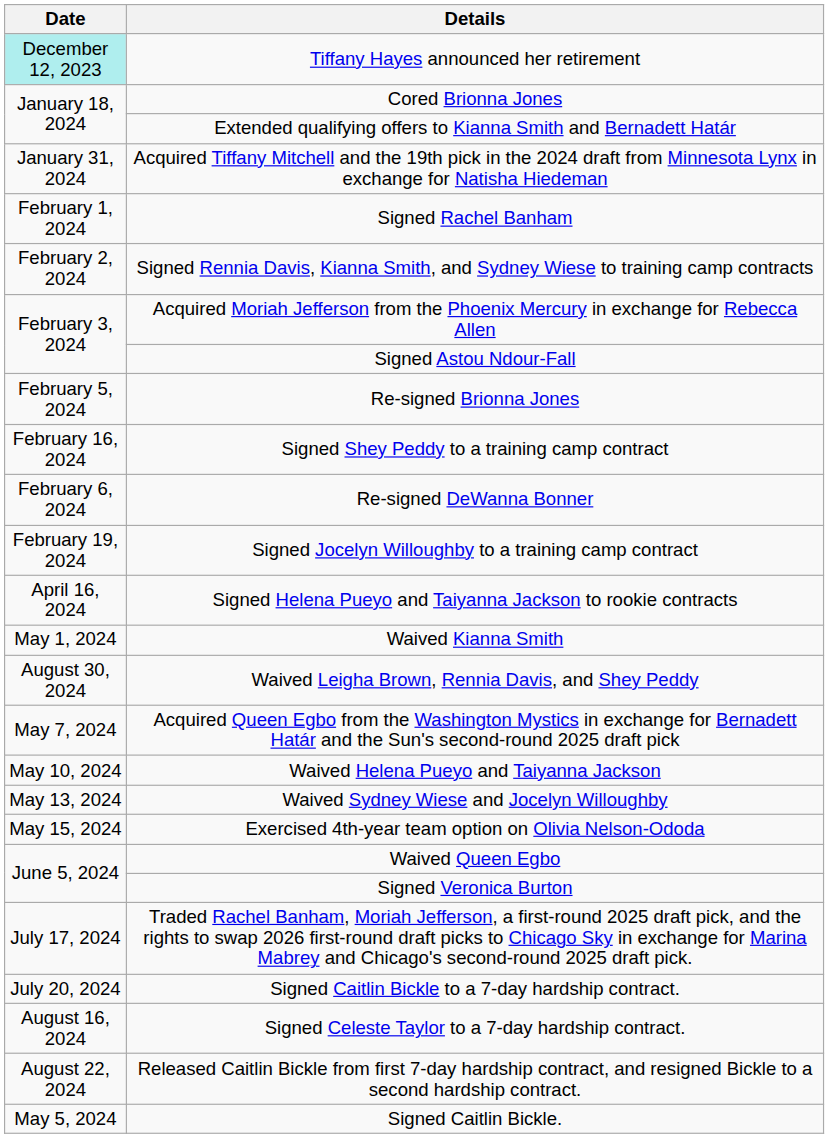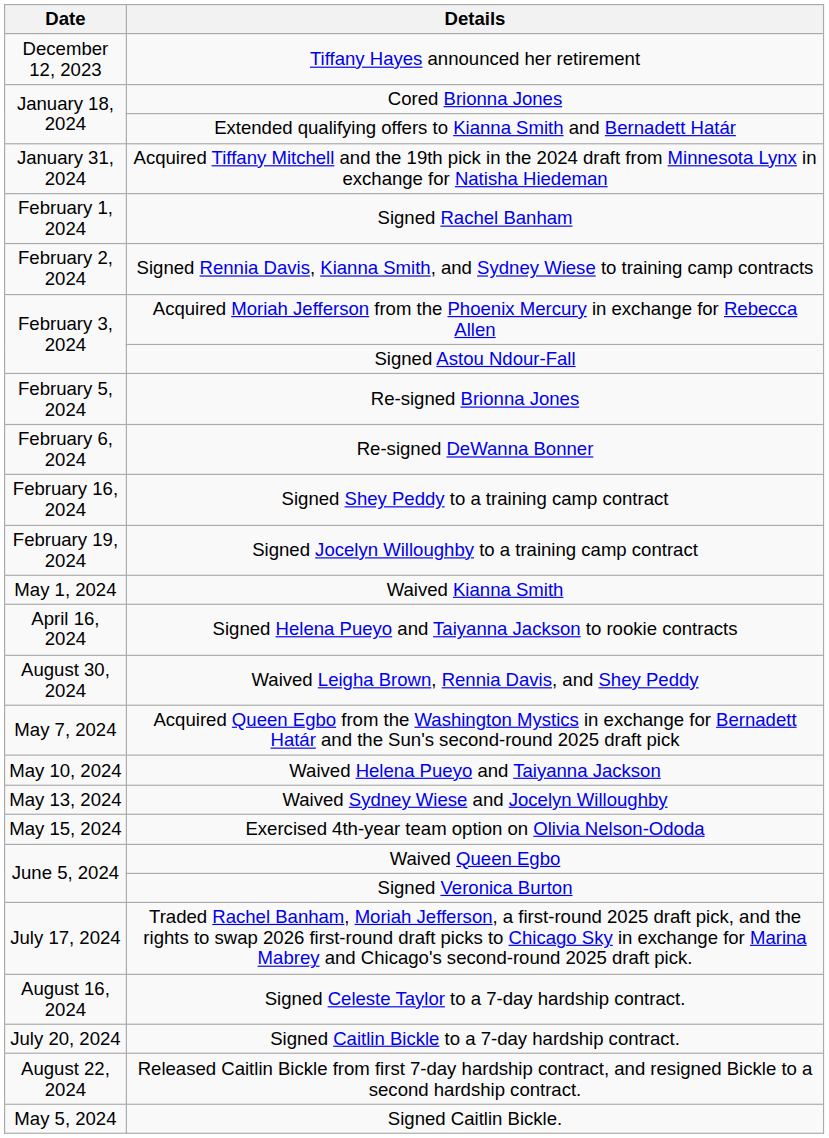 <table class="wikitable" style="width:80%; text-align:center;">
 <tr>
 <th>Date</th>
 <th>Details</th>
 </tr>
 <tr>
-<td style="background: paleturquoise;">December 12, 2023</td>
+<td>December 12, 2023</td>
 <td><a href='#'>Tiffany Hayes</a> announced her retirement</td>
 </tr>
 <tr>
 <td rowspan=2>January 18, 2024</td>
 <td>Cored <a href='#'>Brionna Jones</a></td>
 </tr>
 <tr>
 <td>Extended qualifying offers to <a href='#'>Kianna Smith</a> and <a href='#'>Bernadett Határ</a></td>
 </tr>
 <tr>
 <td>January 31, 2024</td>
 <td>Acquired <a href='#'>Tiffany Mitchell</a> and the 19th pick in the 2024 draft from <a href='#'>Minnesota Lynx</a> in exchange for <a href='#'>Natisha Hiedeman</a></td>
 </tr>
 <tr>
 <td>February 1, 2024</td>
 <td>Signed <a href='#'>Rachel Banham</a></td>
 </tr>
 <tr>
 <td>February 2, 2024</td>
 <td>Signed <a href='#'>Rennia Davis</a>, <a href='#'>Kianna Smith</a>, and <a href='#'>Sydney Wiese</a> to training camp contracts</td>
 </tr>
 <tr>
 <td rowspan=2>February 3, 2024</td>
 <td>Acquired <a href='#'>Moriah Jefferson</a> from the <a href='#'>Phoenix Mercury</a> in exchange for <a href='#'>Rebecca Allen</a></td>
 </tr>
 <tr>
 <td>Signed <a href='#'>Astou Ndour-Fall</a></td>
 </tr>
 <tr>
 <td>February 5, 2024</td>
 <td>Re-signed <a href='#'>Brionna Jones</a></td>
 </tr>
 <tr>
+<td>February 6, 2024</td>
+<td>Re-signed <a href='#'>DeWanna Bonner</a></td>
+</tr>
+<tr>
 <td>February 16, 2024</td>
 <td>Signed <a href='#'>Shey Peddy</a> to a training camp contract</td>
-</tr>
-<tr>
-<td>February 6, 2024</td>
-<td>Re-signed <a href='#'>DeWanna Bonner</a></td>
 </tr>
 <tr>
 <td>February 19, 2024</td>
 <td>Signed <a href='#'>Jocelyn Willoughby</a> to a training camp contract</td>
 </tr>
 <tr>
+<td>May 1, 2024</td>
+<td>Waived <a href='#'>Kianna Smith</a></td>
+</tr>
+<tr>
 <td>April 16, 2024</td>
 <td>Signed <a href='#'>Helena Pueyo</a> and <a href='#'>Taiyanna Jackson</a> to rookie contracts</td>
-</tr>
-<tr>
-<td>May 1, 2024</td>
-<td>Waived <a href='#'>Kianna Smith</a></td>
 </tr>
 <tr>
 <td>August 30, 2024</td>
 <td>Waived <a href='#'>Leigha Brown</a>, <a href='#'>Rennia Davis</a>, and <a href='#'>Shey Peddy</a></td>
 </tr>
 <tr>
 <td>May 7, 2024</td>
 <td>Acquired <a href='#'>Queen Egbo</a> from the <a href='#'>Washington Mystics</a> in exchange for <a href='#'>Bernadett Határ</a> and the Sun's second-round 2025 draft pick</td>
 </tr>
 <tr>
 <td>May 10, 2024</td>
 <td>Waived <a href='#'>Helena Pueyo</a> and <a href='#'>Taiyanna Jackson</a></td>
 </tr>
 <tr>
 <td>May 13, 2024</td>
 <td>Waived <a href='#'>Sydney Wiese</a> and <a href='#'>Jocelyn Willoughby</a></td>
 </tr>
 <tr>
 <td>May 15, 2024</td>
 <td>Exercised 4th-year team option on <a href='#'>Olivia Nelson-Ododa</a></td>
 </tr>
 <tr>
 <td rowspan=2>June 5, 2024</td>
 <td>Waived <a href='#'>Queen Egbo</a></td>
 </tr>
 <tr>
 <td>Signed <a href='#'>Veronica Burton</a></td>
 </tr>
 <tr>
 <td>July 17, 2024</td>
 <td>Traded <a href='#'>Rachel Banham</a>, <a href='#'>Moriah Jefferson</a>, a first-round 2025 draft pick, and the rights to swap 2026 first-round draft picks to <a href='#'>Chicago Sky</a> in exchange for <a href='#'>Marina Mabrey</a> and Chicago's second-round 2025 draft pick.</td>
 </tr>
 <tr>
+<td>August 16, 2024</td>
+<td>Signed <a href='#'>Celeste Taylor</a> to a 7-day hardship contract.</td>
+</tr>
+<tr>
 <td>July 20, 2024</td>
 <td>Signed <a href='#'>Caitlin Bickle</a> to a 7-day hardship contract.</td>
-</tr>
-<tr>
-<td>August 16, 2024</td>
-<td>Signed <a href='#'>Celeste Taylor</a> to a 7-day hardship contract.</td>
 </tr>
 <tr>
 <td>August 22, 2024</td>
 <td>Released Caitlin Bickle from first 7-day hardship contract, and resigned Bickle to a second hardship contract.</td>
 </tr>
 <tr>
 <td>May 5, 2024</td>
 <td>Signed Caitlin Bickle.</td>
 </tr>
 </table>
